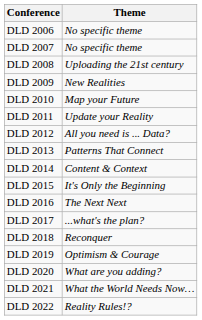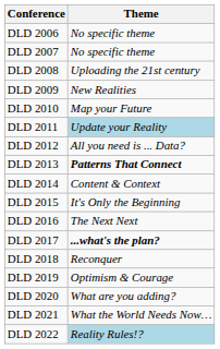 <table class="wikitable">
 <tr>
 <th>Conference</th>
 <th>Theme</th>
 </tr>
 <tr>
 <td>DLD 2006</td>
 <td><em>No specific theme</em></td>
 </tr>
 <tr>
 <td>DLD 2007</td>
 <td><em>No specific theme</em></td>
 </tr>
 <tr>
 <td>DLD 2008</td>
 <td><em>Uploading the 21st century</em></td>
 </tr>
 <tr>
 <td>DLD 2009</td>
 <td><em>New Realities</em></td>
 </tr>
 <tr>
 <td>DLD 2010</td>
 <td><em>Map your Future</em></td>
 </tr>
 <tr>
 <td>DLD 2011</td>
-<td><em>Update your Reality</em></td>
+<td style="background: lightblue;"><em>Update your Reality</em></td>
 </tr>
 <tr>
 <td>DLD 2012</td>
 <td><em>All you need is ... Data?</em></td>
 </tr>
 <tr>
 <td>DLD 2013</td>
-<td><em>Patterns That Connect</em></td>
+<td><strong><em>Patterns That Connect</em></strong></td>
 </tr>
 <tr>
 <td>DLD 2014</td>
 <td><em>Content & Context</em> </td>
 </tr>
 <tr>
 <td>DLD 2015</td>
 <td><em>It's Only the Beginning</em></td>
 </tr>
 <tr>
 <td>DLD 2016</td>
 <td><em>The Next Next</em></td>
 </tr>
 <tr>
 <td>DLD 2017</td>
-<td><em>...what's the plan?</em></td>
+<td><strong><em>...what's the plan?</em></strong></td>
 </tr>
 <tr>
 <td>DLD 2018</td>
 <td><em>Reconquer</em></td>
 </tr>
 <tr>
 <td>DLD 2019</td>
 <td><em>Optimism & Courage</em></td>
 </tr>
 <tr>
 <td>DLD 2020</td>
 <td><em>What are you adding?</em></td>
 </tr>
 <tr>
 <td>DLD 2021</td>
 <td><em>What the World Needs Now…</em></td>
 </tr>
 <tr>
 <td>DLD 2022</td>
-<td><em>Reality Rules!?</em></td>
+<td style="background: lightblue;"><em>Reality Rules!?</em></td>
 </tr>
 </table>
